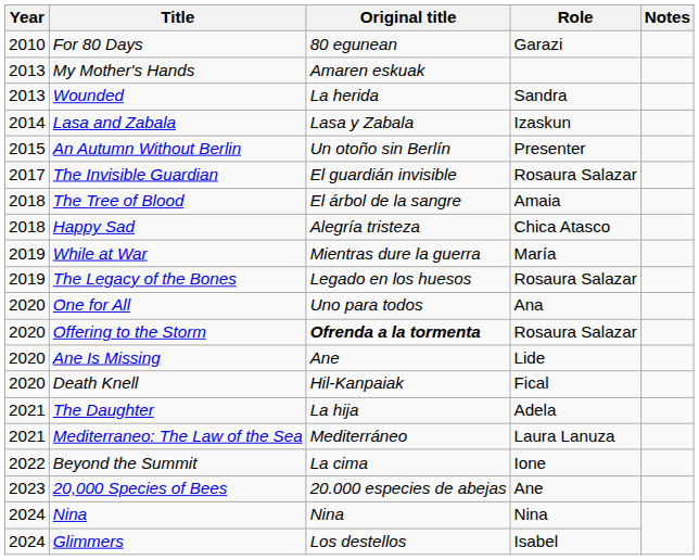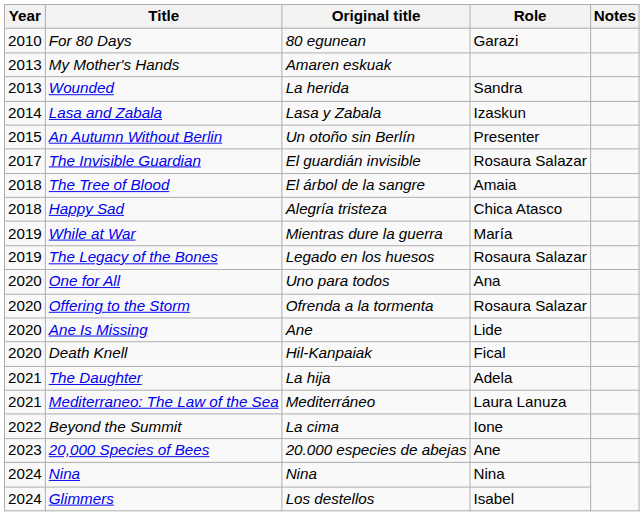 <table class="wikitable sortable">
 <tr>
 <th>Year</th>
 <th>Title</th>
 <th>Original title</th>
 <th>Role</th>
 <th class="unsortable">Notes</th>
 </tr>
 <tr>
 <td>2010</td>
 <td><em>For 80 Days</em></td>
 <td><em>80 egunean</em></td>
 <td>Garazi</td>
 <td></td>
 </tr>
 <tr>
 <td>2013</td>
 <td><em>My Mother's Hands</em></td>
 <td><em>Amaren eskuak</em></td>
 <td></td>
 <td></td>
 </tr>
 <tr>
 <td>2013</td>
 <td><em><a href='#'>Wounded</a></em></td>
 <td><em>La herida</em></td>
 <td>Sandra</td>
 <td></td>
 </tr>
 <tr>
 <td>2014</td>
 <td><em><a href='#'>Lasa and Zabala</a></em></td>
 <td><em>Lasa y Zabala</em></td>
 <td>Izaskun</td>
 <td></td>
 </tr>
 <tr>
 <td>2015</td>
 <td><em><a href='#'>An Autumn Without Berlin</a></em></td>
 <td><em>Un otoño sin Berlín</em></td>
 <td>Presenter</td>
 <td></td>
 </tr>
 <tr>
 <td>2017</td>
 <td><em><a href='#'>The Invisible Guardian</a></em></td>
 <td><em>El guardián invisible</em></td>
 <td>Rosaura Salazar</td>
 <td></td>
 </tr>
 <tr>
 <td>2018</td>
 <td><em><a href='#'>The Tree of Blood</a></em></td>
 <td><em>El árbol de la sangre</em></td>
 <td>Amaia</td>
 <td></td>
 </tr>
 <tr>
 <td>2018</td>
 <td><em><a href='#'>Happy Sad</a></em></td>
 <td><em>Alegría tristeza</em></td>
 <td>Chica Atasco</td>
 <td></td>
 </tr>
 <tr>
 <td>2019</td>
 <td><em><a href='#'>While at War</a></em></td>
 <td><em>Mientras dure la guerra</em></td>
 <td>María</td>
 <td></td>
 </tr>
 <tr>
 <td>2019</td>
 <td><em><a href='#'>The Legacy of the Bones</a></em></td>
 <td><em>Legado en los huesos</em></td>
 <td>Rosaura Salazar</td>
 <td></td>
 </tr>
 <tr>
 <td>2020</td>
 <td><em><a href='#'>One for All</a></em></td>
 <td><em>Uno para todos</em></td>
 <td>Ana</td>
 <td></td>
 </tr>
 <tr>
 <td>2020</td>
 <td><em><a href='#'>Offering to the Storm</a></em></td>
-<td><strong><em>Ofrenda a la tormenta</em></strong></td>
+<td><em>Ofrenda a la tormenta</em></td>
 <td>Rosaura Salazar</td>
 <td></td>
 </tr>
 <tr>
 <td>2020</td>
 <td><em><a href='#'>Ane Is Missing</a></em></td>
 <td><em>Ane</em></td>
 <td>Lide</td>
 <td></td>
 </tr>
 <tr>
 <td>2020</td>
 <td><em>Death Knell</em></td>
 <td><em>Hil-Kanpaiak</em></td>
 <td>Fical</td>
 <td></td>
 </tr>
 <tr>
 <td>2021</td>
 <td><em><a href='#'>The Daughter</a></em></td>
 <td><em>La hija</em></td>
 <td>Adela</td>
 <td></td>
 </tr>
 <tr>
 <td>2021</td>
 <td><em><a href='#'>Mediterraneo: The Law of the Sea</a></em></td>
 <td><em>Mediterráneo</em></td>
 <td>Laura Lanuza</td>
 <td></td>
 </tr>
 <tr>
 <td>2022</td>
 <td><em>Beyond the Summit</em></td>
 <td><em>La cima</em></td>
 <td>Ione</td>
 <td></td>
 </tr>
 <tr>
 <td>2023</td>
 <td><em><a href='#'>20,000 Species of Bees</a></em></td>
 <td><em>20.000 especies de abejas</em></td>
 <td>Ane</td>
 <td></td>
 </tr>
 <tr>
 <td>2024</td>
 <td><em><a href='#'>Nina</a></em></td>
 <td><em>Nina</em></td>
 <td>Nina</td>
 </tr>
 <tr>
 <td>2024</td>
 <td><em><a href='#'>Glimmers</a></em></td>
 <td><em>Los destellos</em></td>
 <td>Isabel</td>
 </tr>
 </table>
